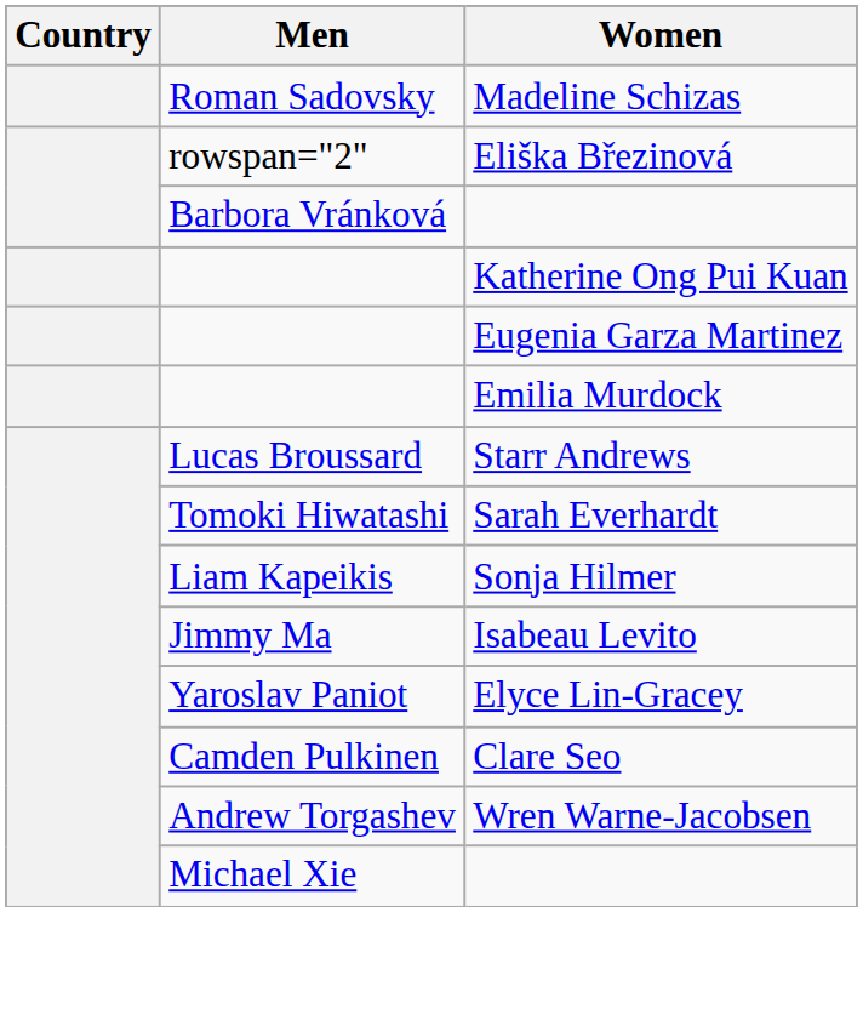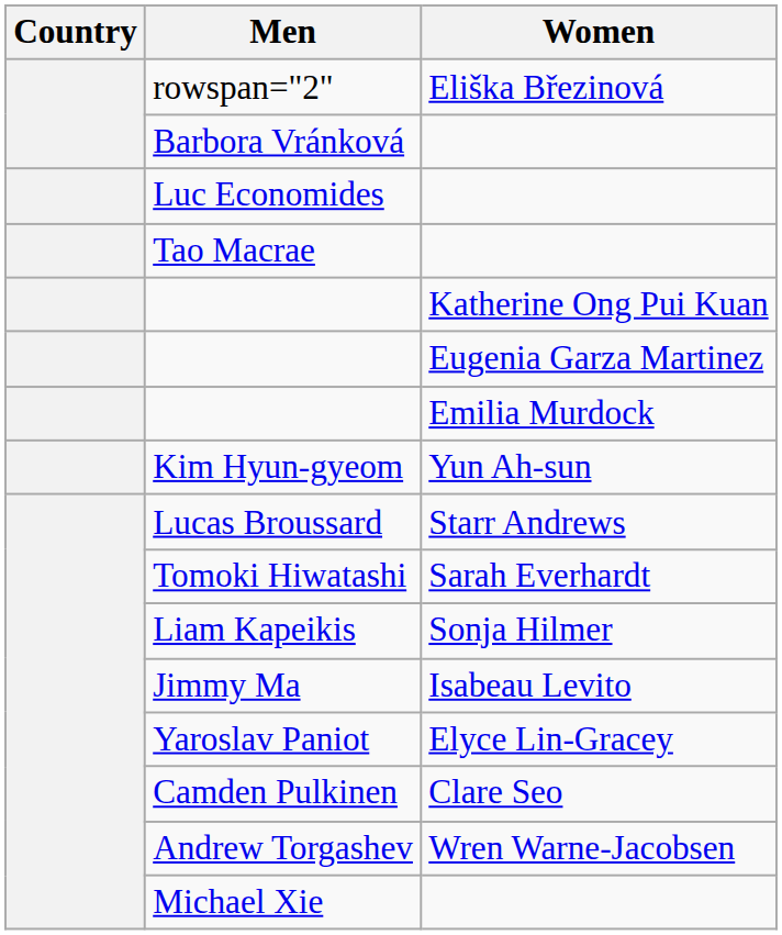 <table class="wikitable unsortable" style="text-align:left">
 <tr>
 <th scope="col">Country</th>
 <th scope="col">Men</th>
 <th scope="col">Women</th>
-</tr>
-<tr>
-<th scope="row" style="text-align:left"></th>
-<td><a href='#'>Roman Sadovsky</a></td>
-<td><a href='#'>Madeline Schizas</a></td>
 </tr>
 <tr>
 <th scope="row" style="text-align:left" rowspan="2"></th>
 <td>rowspan="2" </td>
 <td><a href='#'>Eliška Březinová</a></td>
 </tr>
 <tr>
 <td><a href='#'>Barbora Vránková</a></td>
+</tr>
+<tr>
+<th scope="row" style="text-align:left"></th>
+<td><a href='#'>Luc Economides</a></td>
+<td></td>
+</tr>
+<tr>
+<th scope="row" style="text-align:left"></th>
+<td><a href='#'>Tao Macrae</a></td>
+<td></td>
 </tr>
 <tr>
 <th scope="row" style="text-align:left"></th>
 <td></td>
 <td><a href='#'>Katherine Ong Pui Kuan</a></td>
 </tr>
 <tr>
 <th scope="row" style="text-align:left"></th>
 <td></td>
 <td><a href='#'>Eugenia Garza Martinez</a></td>
 </tr>
 <tr>
 <th scope="row" style="text-align:left"></th>
 <td></td>
 <td><a href='#'>Emilia Murdock</a></td>
+</tr>
+<tr>
+<th scope="row" style="text-align:left"></th>
+<td><a href='#'>Kim Hyun-gyeom</a></td>
+<td><a href='#'>Yun Ah-sun</a></td>
 </tr>
 <tr>
 <th rowspan="8" scope="row" style="text-align:left"></th>
 <td><a href='#'>Lucas Broussard</a></td>
 <td><a href='#'>Starr Andrews</a></td>
 </tr>
 <tr>
 <td><a href='#'>Tomoki Hiwatashi</a></td>
 <td><a href='#'>Sarah Everhardt</a></td>
 </tr>
 <tr>
 <td><a href='#'>Liam Kapeikis</a></td>
 <td><a href='#'>Sonja Hilmer</a></td>
 </tr>
 <tr>
 <td><a href='#'>Jimmy Ma</a></td>
 <td><a href='#'>Isabeau Levito</a></td>
 </tr>
 <tr>
 <td><a href='#'>Yaroslav Paniot</a></td>
 <td><a href='#'>Elyce Lin-Gracey</a></td>
 </tr>
 <tr>
 <td><a href='#'>Camden Pulkinen</a></td>
 <td><a href='#'>Clare Seo</a></td>
 </tr>
 <tr>
 <td><a href='#'>Andrew Torgashev</a></td>
 <td><a href='#'>Wren Warne-Jacobsen</a></td>
 </tr>
 <tr>
 <td><a href='#'>Michael Xie</a></td>
 <td></td>
 </tr>
 </table>
